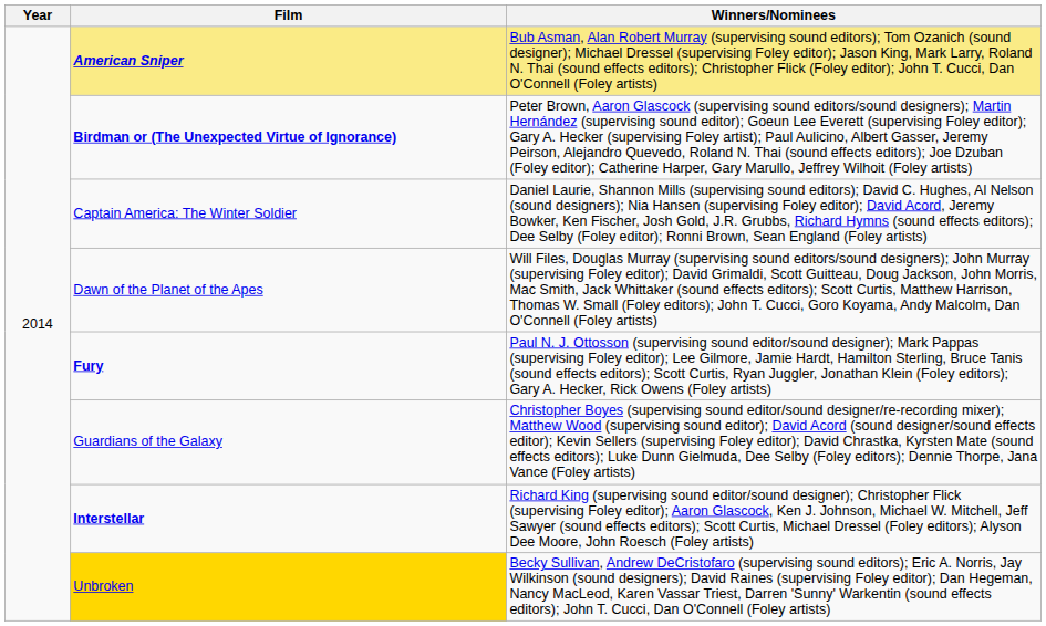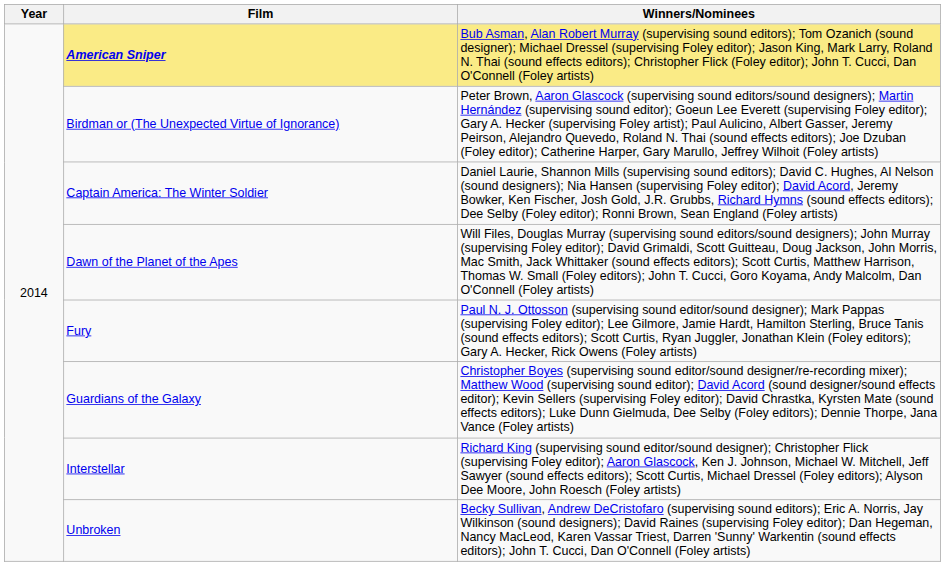 <table class="wikitable" width="95%" cellpadding="5">
 <tr>
 <th width="6%">Year</th>
 <th width="40%">Film</th>
 <th width="49%">Winners/Nominees</th>
 </tr>
 <tr>
 <td rowspan=8 style="text-align:center">2014<br></td>
 <td style="background:#FAEB86;"><strong><em><a href='#'>American Sniper</a><em> <strong></td>
 <td style="background:#FAEB86;"></strong><a href='#'>Bub Asman</a>, <a href='#'>Alan Robert Murray</a> (supervising sound editors); Tom Ozanich (sound designer);  Michael Dressel (supervising Foley editor); Jason King, Mark Larry, Roland N. Thai (sound effects editors); Christopher Flick (Foley editor); John T. Cucci, Dan O'Connell (Foley artists)<strong></td>
 </tr>
 <tr>
-<td><strong></em><a href='#'>Birdman or (The Unexpected Virtue of Ignorance)</a><em></strong></td>
+<td></em><a href='#'>Birdman or (The Unexpected Virtue of Ignorance)</a><em></td>
 <td>Peter Brown, <a href='#'>Aaron Glascock</a> (supervising sound editors/sound designers); <a href='#'>Martin Hernández</a> (supervising sound editor); Goeun Lee Everett (supervising Foley editor); Gary A. Hecker (supervising Foley artist); Paul Aulicino, Albert Gasser, Jeremy Peirson, Alejandro Quevedo, Roland N. Thai (sound effects editors); Joe Dzuban (Foley editor); Catherine Harper, Gary Marullo, Jeffrey Wilhoit (Foley artists)</td>
 </tr>
 <tr>
 <td></em><a href='#'>Captain America: The Winter Soldier</a><em></td>
 <td>Daniel Laurie, Shannon Mills (supervising sound editors); David C. Hughes, Al Nelson (sound designers); Nia Hansen (supervising Foley editor); <a href='#'>David Acord</a>, Jeremy Bowker, Ken Fischer, Josh Gold, J.R. Grubbs, <a href='#'>Richard Hymns</a> (sound effects editors); Dee Selby (Foley editor); Ronni Brown, Sean England (Foley artists)</td>
 </tr>
 <tr>
 <td></em><a href='#'>Dawn of the Planet of the Apes</a><em></td>
 <td>Will Files, Douglas Murray (supervising sound editors/sound designers); John Murray (supervising Foley editor); David Grimaldi, Scott Guitteau, Doug Jackson, John Morris, Mac Smith, Jack Whittaker (sound effects editors); Scott Curtis, Matthew Harrison, Thomas W. Small (Foley editors); John T. Cucci, Goro Koyama, Andy Malcolm, Dan O'Connell (Foley artists)</td>
 </tr>
 <tr>
-<td><strong></em><a href='#'>Fury</a><em></strong></td>
+<td></em><a href='#'>Fury</a><em></td>
 <td><a href='#'>Paul N. J. Ottosson</a> (supervising sound editor/sound designer); Mark Pappas (supervising Foley editor); Lee Gilmore, Jamie Hardt, Hamilton Sterling, Bruce Tanis (sound effects editors); Scott Curtis, Ryan Juggler, Jonathan Klein (Foley editors); Gary A. Hecker, Rick Owens (Foley artists)</td>
 </tr>
 <tr>
 <td></em><a href='#'>Guardians of the Galaxy</a><em></td>
 <td><a href='#'>Christopher Boyes</a> (supervising sound editor/sound designer/re-recording mixer); <a href='#'>Matthew Wood</a> (supervising sound editor); <a href='#'>David Acord</a> (sound designer/sound effects editor); Kevin Sellers (supervising Foley editor); David Chrastka, Kyrsten Mate (sound effects editors); Luke Dunn Gielmuda, Dee Selby (Foley editors); Dennie Thorpe, Jana Vance (Foley artists)</td>
 </tr>
 <tr>
-<td><strong></em><a href='#'>Interstellar</a><em></strong></td>
+<td></em><a href='#'>Interstellar</a><em></td>
 <td><a href='#'>Richard King</a> (supervising sound editor/sound designer); Christopher Flick (supervising Foley editor); <a href='#'>Aaron Glascock</a>, Ken J. Johnson, Michael W. Mitchell, Jeff Sawyer (sound effects editors); Scott Curtis, Michael Dressel (Foley editors); Alyson Dee Moore, John Roesch (Foley artists)</td>
 </tr>
 <tr>
-<td style="background: gold;"></em><a href='#'>Unbroken</a><em></td>
+<td></em><a href='#'>Unbroken</a><em></td>
 <td><a href='#'>Becky Sullivan</a>, <a href='#'>Andrew DeCristofaro</a> (supervising sound editors); Eric A. Norris, Jay Wilkinson (sound designers); David Raines (supervising Foley editor); Dan Hegeman, Nancy MacLeod, Karen Vassar Triest, Darren 'Sunny' Warkentin (sound effects editors); John T. Cucci, Dan O'Connell (Foley artists)</td>
 </tr>
 </table>
